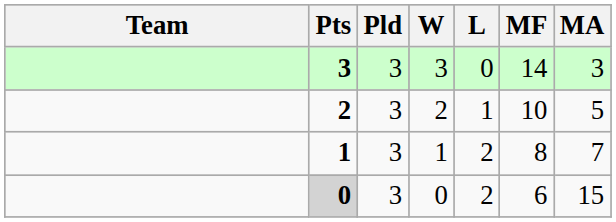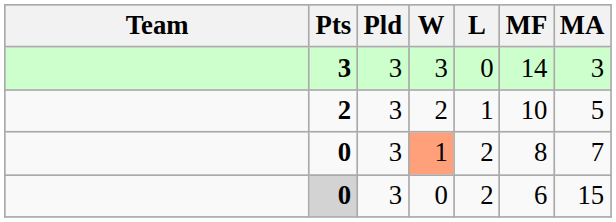 <table class=wikitable style="text-align:right">
 <tr>
 <th width=175>Team</th>
 <th width=20>Pts</th>
 <th width=20>Pld</th>
 <th width=20>W</th>
 <th width=20>L</th>
 <th width=20>MF</th>
 <th width=20>MA</th>
 </tr>
 <tr bgcolor=ccffcc>
 <td style="text-align:left"><strong></strong></td>
 <td><strong>3</strong></td>
 <td>3</td>
 <td>3</td>
 <td>0</td>
 <td>14</td>
 <td>3</td>
 </tr>
 <tr>
 <td style="text-align:left"></td>
 <td><strong>2</strong></td>
 <td>3</td>
 <td>2</td>
 <td>1</td>
 <td>10</td>
 <td>5</td>
 </tr>
 <tr>
 <td style="text-align:left"></td>
-<td><strong>1</strong></td>
+<td><strong>0</strong></td>
 <td>3</td>
-<td>1</td>
+<td style="background: lightsalmon;">1</td>
 <td>2</td>
 <td>8</td>
 <td>7</td>
 </tr>
 <tr>
 <td style="text-align:left"></td>
 <td style="background: lightgrey;"><strong>0</strong></td>
 <td>3</td>
 <td>0</td>
 <td>2</td>
 <td>6</td>
 <td>15</td>
 </tr>
 </table>
